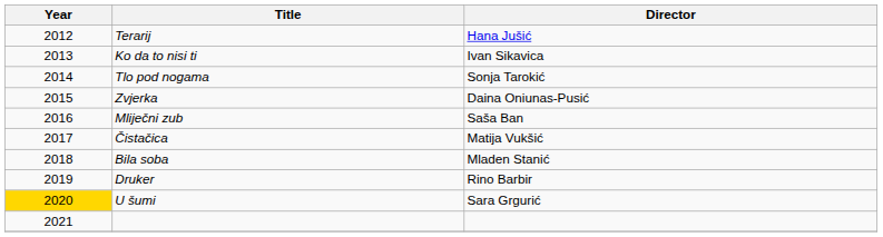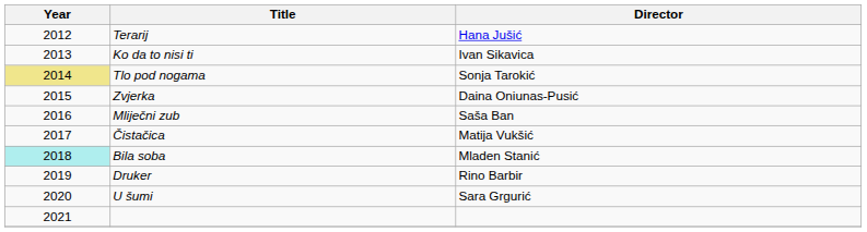 <table class="sortable wikitable" width="85%" cellpadding="5">
 <tr>
 <th width="7%">Year</th>
 <th width="23%">Title</th>
 <th width="27%">Director</th>
 </tr>
 <tr>
 <td style="text-align:center;">2012</td>
 <td><em>Terarij</em></td>
 <td><a href='#'>Hana Jušić</a></td>
 </tr>
 <tr>
 <td style="text-align:center;">2013</td>
 <td><em>Ko da to nisi ti</em></td>
 <td>Ivan Sikavica</td>
 </tr>
 <tr>
-<td style="text-align:center;">2014</td>
+<td style="background: khaki; text-align:center;">2014</td>
 <td><em>Tlo pod nogama</em></td>
 <td>Sonja Tarokić</td>
 </tr>
 <tr>
 <td style="text-align:center;">2015</td>
 <td><em>Zvjerka</em></td>
 <td>Daina Oniunas-Pusić</td>
 </tr>
 <tr>
 <td style="text-align:center;">2016</td>
 <td><em>Mliječni zub</em></td>
 <td>Saša Ban</td>
 </tr>
 <tr>
 <td style="text-align:center;">2017</td>
 <td><em>Čistačica</em></td>
 <td>Matija Vukšić</td>
 </tr>
 <tr>
-<td style="text-align:center;">2018</td>
+<td style="background: paleturquoise; text-align:center;">2018</td>
 <td><em>Bila soba</em></td>
 <td>Mladen Stanić</td>
 </tr>
 <tr>
 <td style="text-align:center;">2019</td>
 <td><em>Druker</em></td>
 <td>Rino Barbir</td>
 </tr>
 <tr>
-<td style="background: gold; text-align:center;">2020</td>
+<td style="text-align:center;">2020</td>
 <td><em>U šumi</em></td>
 <td>Sara Grgurić</td>
 </tr>
 <tr>
 <td style="text-align:center;">2021</td>
 <td></td>
 <td></td>
 </tr>
 <tr>
 </tr>
 </table>
